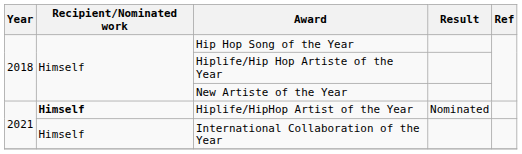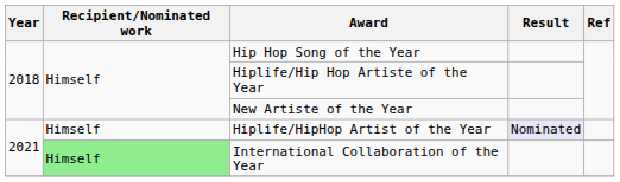 <table class="wikitable">
 <tr>
 <th><strong>Year</strong></th>
 <th><strong>Recipient/Nominated work</strong></th>
 <th><strong>Award</strong></th>
 <th><strong>Result</strong></th>
 <th><strong>Ref</strong></th>
 </tr>
 <tr>
 <td rowspan="3">2018</td>
 <td rowspan="3">Himself</td>
 <td>Hip Hop Song of the Year</td>
 <td></td>
 <td rowspan="3"></td>
 </tr>
 <tr>
 <td>Hiplife/Hip Hop Artiste of the Year</td>
 <td></td>
 </tr>
 <tr>
 <td>New Artiste of the Year</td>
 <td></td>
 </tr>
 <tr>
 <td rowspan="2">2021</td>
-<td><strong>Himself</strong></td>
+<td>Himself</td>
 <td>Hiplife/HipHop Artist of the Year</td>
-<td>Nominated</td>
+<td style="background: lavender;">Nominated</td>
 <td></td>
 </tr>
 <tr>
-<td>Himself</td>
+<td style="background: lightgreen;">Himself</td>
 <td>International Collaboration of the Year</td>
 <td></td>
 <td></td>
 </tr>
 <tr>
 </tr>
 </table>
